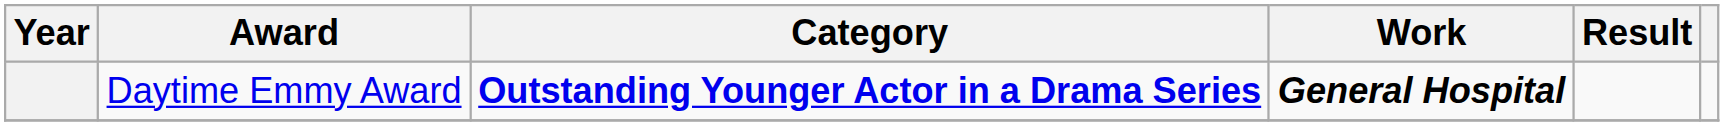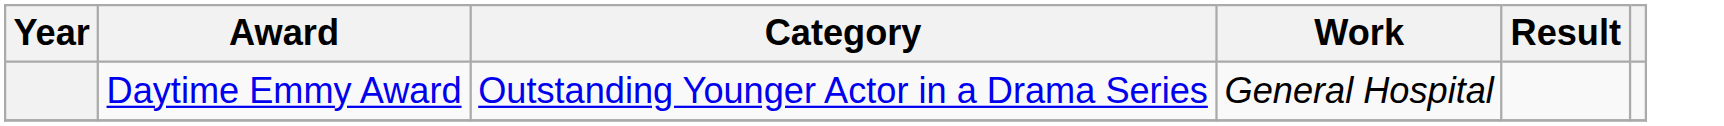 <table class="wikitable plainrowheaders">
 <tr>
 <th>Year</th>
 <th>Award</th>
 <th>Category</th>
 <th>Work</th>
 <th>Result</th>
 <th scope="col" class="unsortable"></th>
 </tr>
 <tr>
 <th scope="row"></th>
 <td><a href='#'>Daytime Emmy Award</a></td>
-<td><strong><a href='#'>Outstanding Younger Actor in a Drama Series</a></strong></td>
-<td><strong><em>General Hospital</em></strong></td>
+<td><a href='#'>Outstanding Younger Actor in a Drama Series</a></td>
+<td><em>General Hospital</em></td>
 <td></td>
 <td></td>
 </tr>
 <tr>
 </tr>
 </table>
